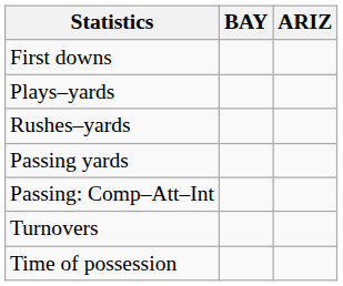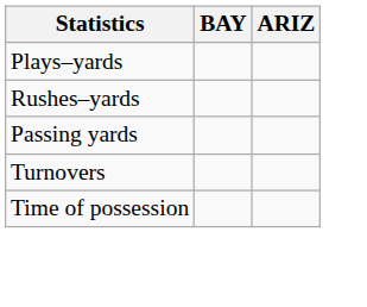 <table class="wikitable" style="float:left">
 <tr>
 <th>Statistics</th>
 <th>BAY</th>
 <th>ARIZ</th>
-</tr>
-<tr>
-<td>First downs</td>
-<td></td>
-<td></td>
 </tr>
 <tr>
 <td>Plays–yards</td>
 <td></td>
 <td></td>
 </tr>
 <tr>
 <td>Rushes–yards</td>
 <td></td>
 <td></td>
 </tr>
 <tr>
 <td>Passing yards</td>
 <td></td>
 <td></td>
 </tr>
 <tr>
-<td>Passing: Comp–Att–Int</td>
-<td></td>
-<td></td>
-</tr>
-<tr>
 <td>Turnovers</td>
 <td></td>
 <td></td>
 </tr>
 <tr>
 <td>Time of possession</td>
 <td></td>
 <td></td>
 </tr>
 </table>
